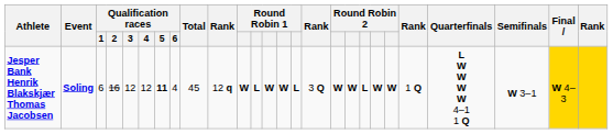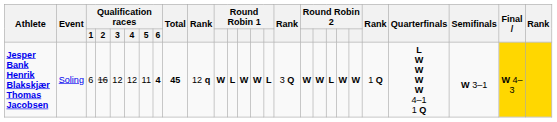 <table class="wikitable" style="font-size:90%">
 <tr>
 <th rowspan="2">Athlete</th>
 <th rowspan="2">Event</th>
 <th colspan="6">Qualification races</th>
 <th rowspan="2">Total</th>
 <th rowspan="2">Rank</th>
 <th colspan="5">Round Robin 1</th>
 <th rowspan="2">Rank</th>
 <th colspan="5">Round Robin 2</th>
 <th rowspan="2">Rank</th>
 <th rowspan="2">Quarterfinals</th>
 <th rowspan="2">Semifinals</th>
 <th rowspan="2">Final / </th>
 <th rowspan="2">Rank</th>
 </tr>
 <tr style="vertical-align:bottom; font-size:95%">
 <th>1</th>
 <th>2</th>
 <th>3</th>
 <th>4</th>
 <th>5</th>
 <th>6</th>
 <th></th>
 <th></th>
 <th></th>
 <th></th>
 <th></th>
 <th></th>
 <th></th>
 <th></th>
 <th></th>
 <th></th>
 </tr>
 <tr align=center>
 <td align=left><strong><a href='#'>Jesper Bank</a><br><a href='#'>Henrik Blakskjær</a><br><a href='#'>Thomas Jacobsen</a></strong></td>
-<td align=left><strong><a href='#'>Soling</a></strong></td>
+<td align=left><a href='#'>Soling</a></td>
 <td>6</td>
 <td><s>16</s></td>
 <td>12</td>
 <td>12</td>
-<td><strong>11</strong></td>
-<td>4</td>
-<td>45</td>
+<td>11</td>
+<td><strong>4</strong></td>
+<td><strong>45</strong></td>
 <td>12 <strong>q</strong></td>
 <td><strong>W</strong></td>
 <td><strong>L</strong></td>
 <td><strong>W</strong></td>
 <td><strong>W</strong></td>
 <td><strong>L</strong></td>
 <td>3 <strong>Q</strong></td>
 <td><strong>W</strong></td>
 <td><strong>W</strong></td>
 <td><strong>L</strong></td>
 <td><strong>W</strong></td>
 <td><strong>W</strong></td>
 <td>1 <strong>Q</strong></td>
 <td> <strong>L</strong><br>  <strong>W</strong><br>  <strong>W</strong><br>  <strong>W</strong><br>  <strong>W</strong><br> 4–1<br> 1 <strong>Q</strong></td>
 <td><br> <strong>W</strong> 3–1</td>
 <td align="center" bgcolor='gold'><br> <strong>W</strong> 4–3</td>
 <td align="center" bgcolor='gold'></td>
 </tr>
 </table>
